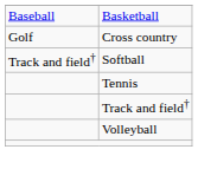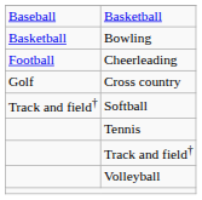 <table class="wikitable" style=" ">
 <tr>
 </tr>
 <tr>
 <td><a href='#'>Baseball</a></td>
 <td><a href='#'>Basketball</a></td>
+</tr>
+<tr>
+<td><a href='#'>Basketball</a></td>
+<td>Bowling</td>
+</tr>
+<tr>
+<td><a href='#'>Football</a></td>
+<td>Cheerleading</td>
 </tr>
 <tr>
 <td>Golf</td>
 <td>Cross country</td>
 </tr>
 <tr>
 <td>Track and field<sup>†</sup></td>
 <td>Softball</td>
 </tr>
 <tr>
 <td></td>
 <td>Tennis</td>
 </tr>
 <tr>
 <td></td>
 <td>Track and field<sup>†</sup></td>
 </tr>
 <tr>
 <td></td>
 <td>Volleyball</td>
 </tr>
 <tr>
 <td colspan="2"></td>
 </tr>
 </table>
